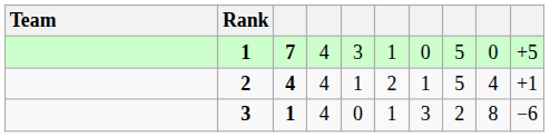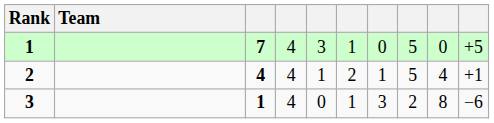 <table class="wikitable" style="text-align:center">
 <tr>
+<th width=30>Rank</th>
 <th width=165 style="text-align:left">Team</th>
-<th width=30>Rank</th>
 <th width=20></th>
 <th width=20></th>
 <th width=20></th>
 <th width=20></th>
 <th width=20></th>
 <th width=20></th>
 <th width=20></th>
 <th width=20></th>
 </tr>
 <tr bgcolor="#ccffcc">
+<td><strong>1</strong></td>
 <td align="left"></td>
-<td><strong>1</strong></td>
 <td><strong>7</strong></td>
 <td>4</td>
 <td>3</td>
 <td>1</td>
 <td>0</td>
 <td>5</td>
 <td>0</td>
 <td>+5</td>
 </tr>
 <tr>
+<td><strong>2</strong></td>
 <td align="left"></td>
-<td><strong>2</strong></td>
 <td><strong>4</strong></td>
 <td>4</td>
 <td>1</td>
 <td>2</td>
 <td>1</td>
 <td>5</td>
 <td>4</td>
 <td>+1</td>
 </tr>
 <tr>
+<td><strong>3</strong></td>
 <td align="left"></td>
-<td><strong>3</strong></td>
 <td><strong>1</strong></td>
 <td>4</td>
 <td>0</td>
 <td>1</td>
 <td>3</td>
 <td>2</td>
 <td>8</td>
 <td>−6</td>
 </tr>
 </table>
